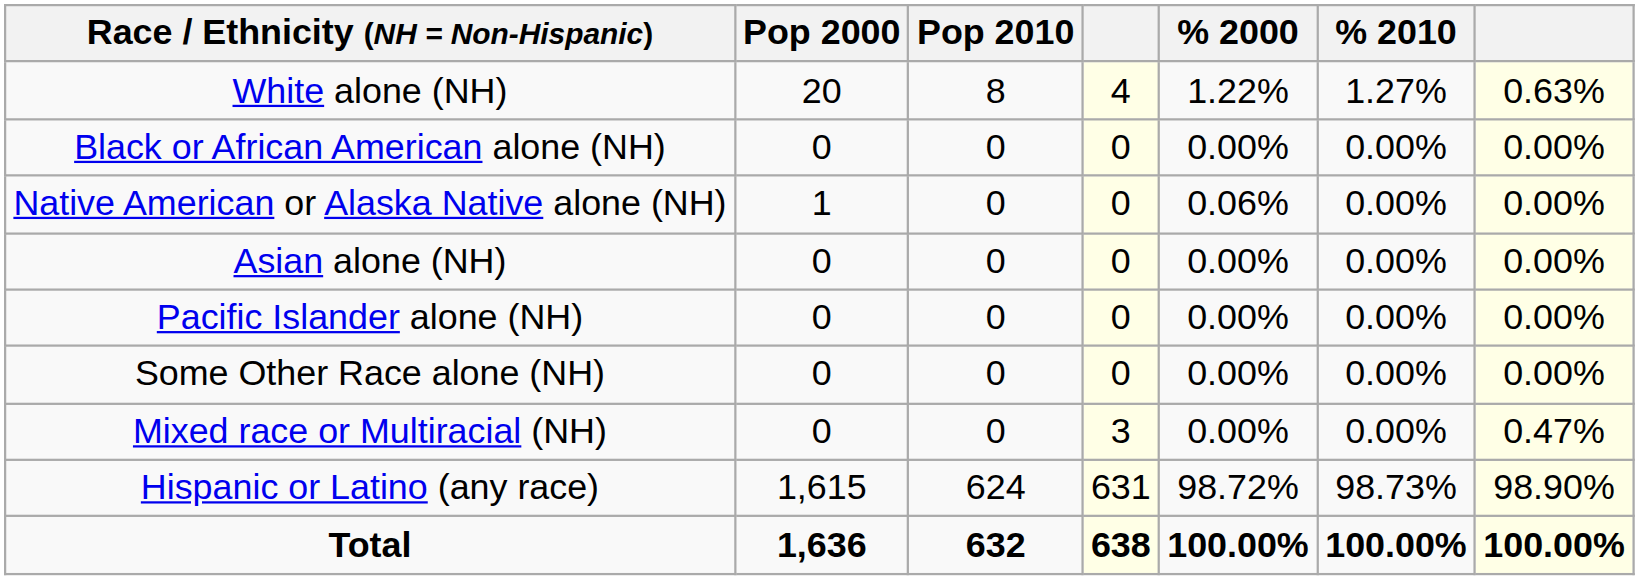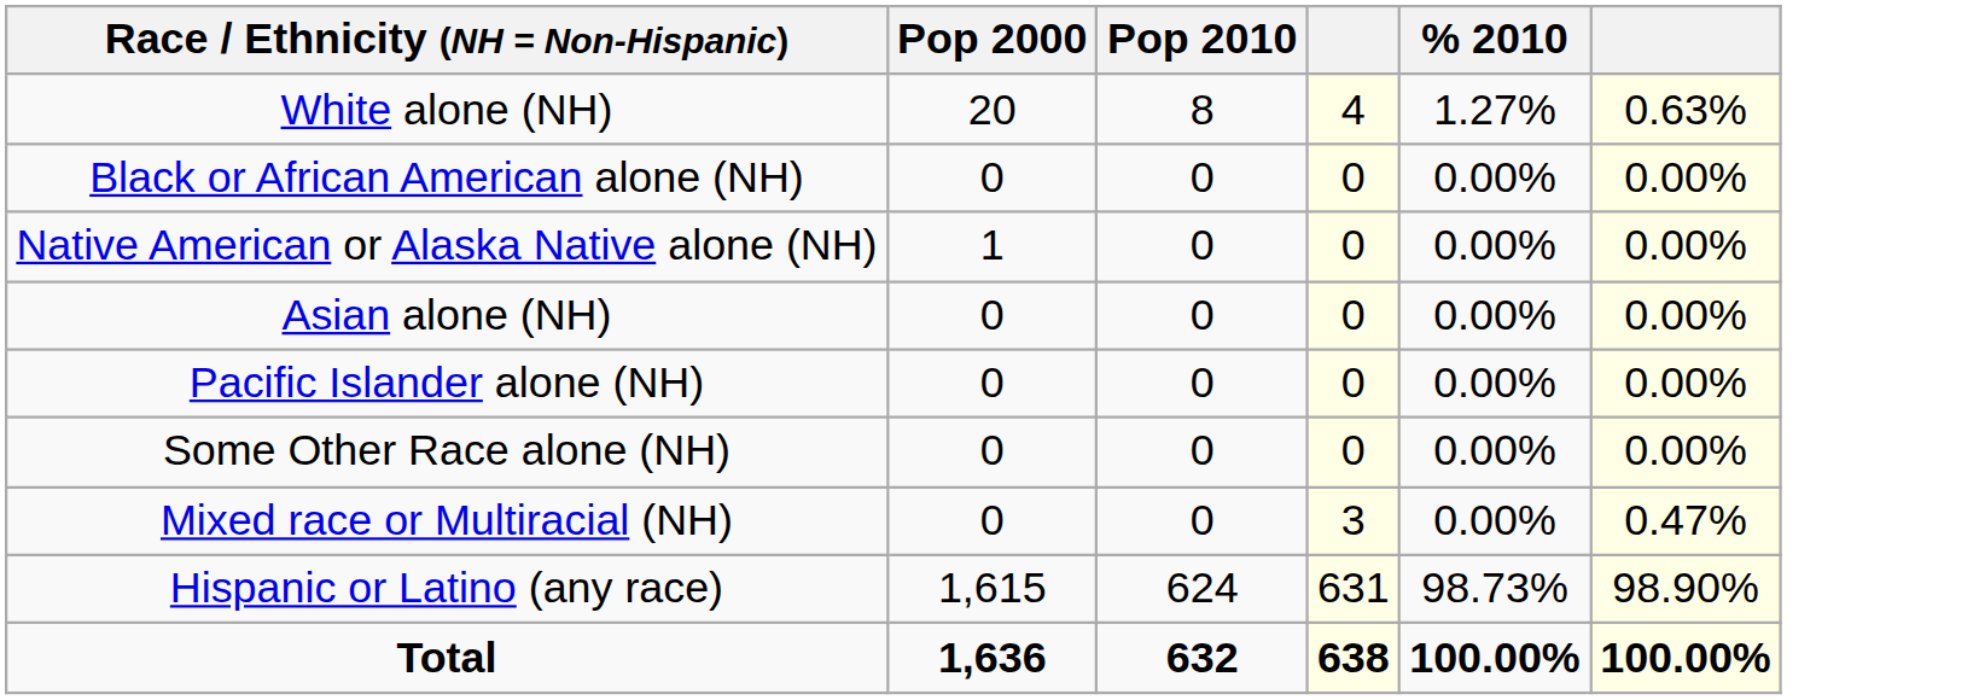 <table class="wikitable" style="text-align:center;">
 <tr>
 <th>Race / Ethnicity <small>(<em>NH = Non-Hispanic</em>)</small></th>
 <th>Pop 2000</th>
 <th>Pop 2010</th>
 <th></th>
-<th>% 2000</th>
 <th>% 2010</th>
 <th></th>
 </tr>
 <tr>
 <td><a href='#'>White</a> alone (NH)</td>
 <td>20</td>
 <td>8</td>
 <td style='background: #ffffe6;'>4</td>
-<td>1.22%</td>
 <td>1.27%</td>
 <td style='background: #ffffe6;'>0.63%</td>
 </tr>
 <tr>
 <td><a href='#'>Black or African American</a> alone (NH)</td>
 <td>0</td>
 <td>0</td>
 <td style='background: #ffffe6;'>0</td>
 <td>0.00%</td>
-<td>0.00%</td>
 <td style='background: #ffffe6;'>0.00%</td>
 </tr>
 <tr>
 <td><a href='#'>Native American</a> or <a href='#'>Alaska Native</a> alone (NH)</td>
 <td>1</td>
 <td>0</td>
 <td style='background: #ffffe6;'>0</td>
-<td>0.06%</td>
 <td>0.00%</td>
 <td style='background: #ffffe6;'>0.00%</td>
 </tr>
 <tr>
 <td><a href='#'>Asian</a> alone (NH)</td>
 <td>0</td>
 <td>0</td>
 <td style='background: #ffffe6;'>0</td>
 <td>0.00%</td>
-<td>0.00%</td>
 <td style='background: #ffffe6;'>0.00%</td>
 </tr>
 <tr>
 <td><a href='#'>Pacific Islander</a> alone (NH)</td>
 <td>0</td>
 <td>0</td>
 <td style='background: #ffffe6;'>0</td>
-<td>0.00%</td>
 <td>0.00%</td>
 <td style='background: #ffffe6;'>0.00%</td>
 </tr>
 <tr>
 <td>Some Other Race alone (NH)</td>
 <td>0</td>
 <td>0</td>
 <td style='background: #ffffe6;'>0</td>
 <td>0.00%</td>
-<td>0.00%</td>
 <td style='background: #ffffe6;'>0.00%</td>
 </tr>
 <tr>
 <td><a href='#'>Mixed race or Multiracial</a> (NH)</td>
 <td>0</td>
 <td>0</td>
 <td style='background: #ffffe6;'>3</td>
 <td>0.00%</td>
-<td>0.00%</td>
 <td style='background: #ffffe6;'>0.47%</td>
 </tr>
 <tr>
 <td><a href='#'>Hispanic or Latino</a> (any race)</td>
 <td>1,615</td>
 <td>624</td>
 <td style='background: #ffffe6;'>631</td>
-<td>98.72%</td>
 <td>98.73%</td>
 <td style='background: #ffffe6;'>98.90%</td>
 </tr>
 <tr>
 <td><strong>Total</strong></td>
 <td><strong>1,636</strong></td>
 <td><strong>632</strong></td>
 <td style='background: #ffffe6;'><strong>638</strong></td>
 <td><strong>100.00%</strong></td>
-<td><strong>100.00%</strong></td>
 <td style='background: #ffffe6;'><strong>100.00%</strong></td>
 </tr>
 </table>
